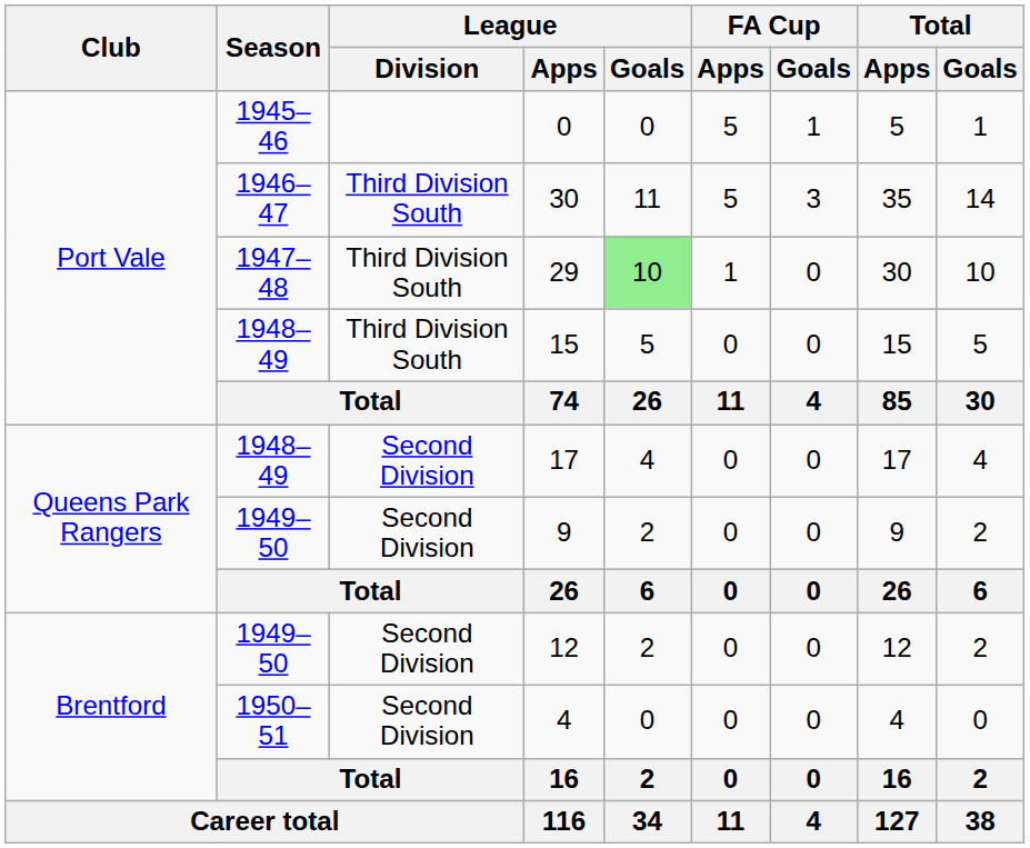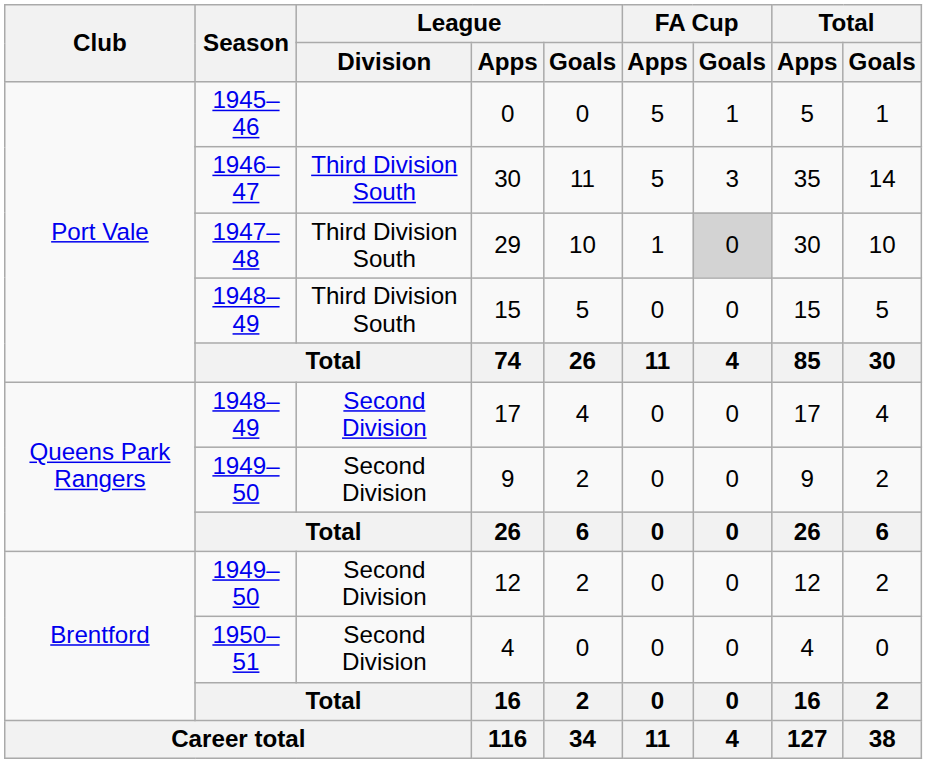 <table class="wikitable" style="text-align: center;">
 <tr>
 <th rowspan="2">Club</th>
 <th rowspan="2">Season</th>
 <th colspan="3">League</th>
 <th colspan="2">FA Cup</th>
 <th colspan="2">Total</th>
 </tr>
 <tr>
 <th>Division</th>
 <th>Apps</th>
 <th>Goals</th>
 <th>Apps</th>
 <th>Goals</th>
 <th>Apps</th>
 <th>Goals</th>
 </tr>
 <tr>
 <td rowspan="5"><a href='#'>Port Vale</a></td>
 <td><a href='#'>1945–46</a></td>
 <td></td>
 <td>0</td>
 <td>0</td>
 <td>5</td>
 <td>1</td>
 <td>5</td>
 <td>1</td>
 </tr>
 <tr>
 <td><a href='#'>1946–47</a></td>
 <td><a href='#'>Third Division South</a></td>
 <td>30</td>
 <td>11</td>
 <td>5</td>
 <td>3</td>
 <td>35</td>
 <td>14</td>
 </tr>
 <tr>
 <td><a href='#'>1947–48</a></td>
 <td>Third Division South</td>
 <td>29</td>
-<td style="background: lightgreen;">10</td>
+<td>10</td>
 <td>1</td>
-<td>0</td>
+<td style="background: lightgrey;">0</td>
 <td>30</td>
 <td>10</td>
 </tr>
 <tr>
 <td><a href='#'>1948–49</a></td>
 <td>Third Division South</td>
 <td>15</td>
 <td>5</td>
 <td>0</td>
 <td>0</td>
 <td>15</td>
 <td>5</td>
 </tr>
 <tr>
 <th colspan="2">Total</th>
 <th>74</th>
 <th>26</th>
 <th>11</th>
 <th>4</th>
 <th>85</th>
 <th>30</th>
 </tr>
 <tr>
 <td rowspan="3"><a href='#'>Queens Park Rangers</a></td>
 <td><a href='#'>1948–49</a></td>
 <td><a href='#'>Second Division</a></td>
 <td>17</td>
 <td>4</td>
 <td>0</td>
 <td>0</td>
 <td>17</td>
 <td>4</td>
 </tr>
 <tr>
 <td><a href='#'>1949–50</a></td>
 <td>Second Division</td>
 <td>9</td>
 <td>2</td>
 <td>0</td>
 <td>0</td>
 <td>9</td>
 <td>2</td>
 </tr>
 <tr>
 <th colspan="2">Total</th>
 <th>26</th>
 <th>6</th>
 <th>0</th>
 <th>0</th>
 <th>26</th>
 <th>6</th>
 </tr>
 <tr>
 <td rowspan="3"><a href='#'>Brentford</a></td>
 <td><a href='#'>1949–50</a></td>
 <td>Second Division</td>
 <td>12</td>
 <td>2</td>
 <td>0</td>
 <td>0</td>
 <td>12</td>
 <td>2</td>
 </tr>
 <tr>
 <td><a href='#'>1950–51</a></td>
 <td>Second Division</td>
 <td>4</td>
 <td>0</td>
 <td>0</td>
 <td>0</td>
 <td>4</td>
 <td>0</td>
 </tr>
 <tr>
 <th colspan="2">Total</th>
 <th>16</th>
 <th>2</th>
 <th>0</th>
 <th>0</th>
 <th>16</th>
 <th>2</th>
 </tr>
 <tr>
 <th colspan="3">Career total</th>
 <th>116</th>
 <th>34</th>
 <th>11</th>
 <th>4</th>
 <th>127</th>
 <th>38</th>
 </tr>
 </table>
